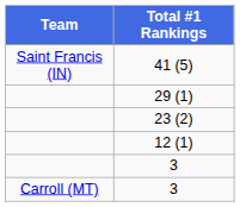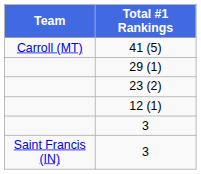 <table class="wikitable" style="width:40%;">
 <tr>
 <th style="background:#4169E1; color:white;">Team</th>
 <th style="background:#4169E1; color:white;">Total #1 Rankings</th>
 </tr>
 <tr style="text-align:center;">
-<td><a href='#'>Saint Francis (IN)</a></td>
+<td><a href='#'>Carroll (MT)</a></td>
 <td>41 (5)</td>
 </tr>
 <tr style="text-align:center;">
 <td></td>
 <td>29 (1)</td>
 </tr>
 <tr style="text-align:center;">
 <td></td>
 <td>23 (2)</td>
 </tr>
 <tr style="text-align:center;">
 <td></td>
 <td>12 (1)</td>
 </tr>
 <tr style="text-align:center;">
 <td></td>
 <td>3</td>
 </tr>
 <tr style="text-align:center;">
-<td><a href='#'>Carroll (MT)</a></td>
+<td><a href='#'>Saint Francis (IN)</a></td>
 <td>3</td>
 </tr>
 </table>
